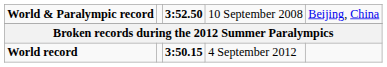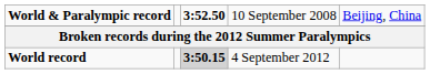 <table class="wikitable">
 <tr>
 <td><strong>World & Paralympic record</strong></td>
 <td></td>
 <td><strong>3:52.50</strong></td>
 <td>10 September 2008</td>
 <td><a href='#'>Beijing</a>, <a href='#'>China</a></td>
 </tr>
 <tr>
 </tr>
 <tr>
 <th colspan="5">Broken records during the 2012 Summer Paralympics</th>
 </tr>
 <tr>
 <td><strong>World record</strong></td>
 <td></td>
-<td><strong>3:50.15</strong></td>
+<td style="background: lightgrey;"><strong>3:50.15</strong></td>
 <td>4 September 2012</td>
 <td></td>
 </tr>
 </table>
